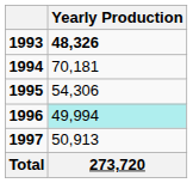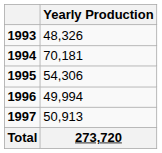 <table class="wikitable">
 <tr>
 <th></th>
 <th>Yearly Production</th>
 </tr>
 <tr>
 <td><strong>1993</strong></td>
-<td><strong>48,326</strong></td>
+<td>48,326</td>
 </tr>
 <tr>
 <td><strong>1994</strong></td>
 <td>70,181</td>
 </tr>
 <tr>
 <td><strong>1995</strong></td>
 <td>54,306</td>
 </tr>
 <tr>
 <td><strong>1996</strong></td>
-<td style="background: paleturquoise;">49,994</td>
+<td>49,994</td>
 </tr>
 <tr>
 <td><strong>1997</strong></td>
 <td>50,913</td>
 </tr>
 <tr>
 <th>Total</th>
 <th><u>273,720</u></th>
 </tr>
 </table>
